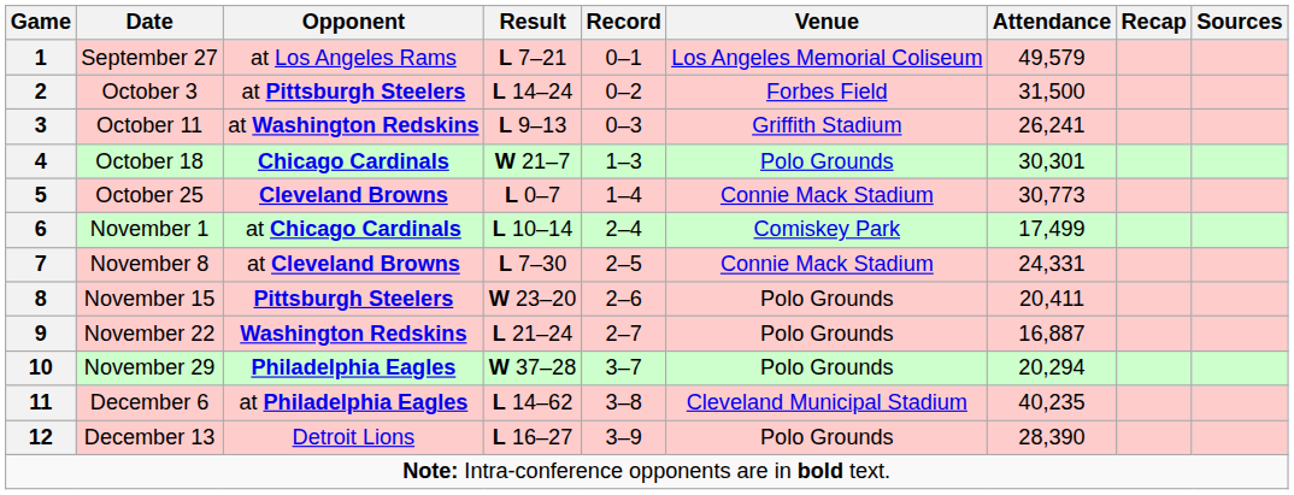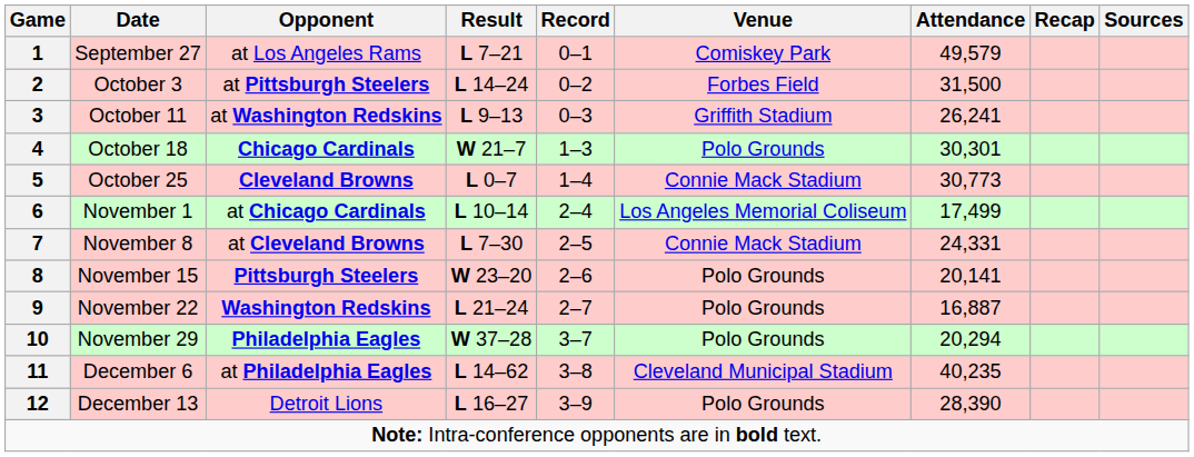 <table class="wikitable" style="text-align:center">
 <tr>
 <th>Game</th>
 <th>Date</th>
 <th>Opponent</th>
 <th>Result</th>
 <th>Record</th>
 <th>Venue</th>
 <th>Attendance</th>
 <th>Recap</th>
 <th>Sources</th>
 </tr>
 <tr style="background:#fcc">
 <th>1</th>
 <td>September 27</td>
 <td>at <a href='#'>Los Angeles Rams</a></td>
 <td><strong>L</strong> 7–21</td>
 <td>0–1</td>
-<td><a href='#'>Los Angeles Memorial Coliseum</a></td>
+<td><a href='#'>Comiskey Park</a></td>
 <td>49,579</td>
 <td></td>
 <td></td>
 </tr>
 <tr style="background:#fcc">
 <th>2</th>
 <td>October 3</td>
 <td>at <strong><a href='#'>Pittsburgh Steelers</a></strong></td>
 <td><strong>L</strong> 14–24</td>
 <td>0–2</td>
 <td><a href='#'>Forbes Field</a></td>
 <td>31,500</td>
 <td></td>
 <td></td>
 </tr>
 <tr style="background:#fcc">
 <th>3</th>
 <td>October 11</td>
 <td>at <strong><a href='#'>Washington Redskins</a></strong></td>
 <td><strong>L</strong> 9–13</td>
 <td>0–3</td>
 <td><a href='#'>Griffith Stadium</a></td>
 <td>26,241</td>
 <td></td>
 <td></td>
 </tr>
 <tr style="background:#cfc">
 <th>4</th>
 <td>October 18</td>
 <td><strong><a href='#'>Chicago Cardinals</a></strong></td>
 <td><strong>W</strong> 21–7</td>
 <td>1–3</td>
 <td><a href='#'>Polo Grounds</a></td>
 <td>30,301</td>
 <td></td>
 <td></td>
 </tr>
 <tr style="background:#fcc">
 <th>5</th>
 <td>October 25</td>
 <td><strong><a href='#'>Cleveland Browns</a></strong></td>
 <td><strong>L</strong> 0–7</td>
 <td>1–4</td>
 <td><a href='#'>Connie Mack Stadium</a></td>
 <td>30,773</td>
 <td></td>
 <td></td>
 </tr>
 <tr style="background:#cfc">
 <th>6</th>
 <td>November 1</td>
 <td>at <strong><a href='#'>Chicago Cardinals</a></strong></td>
 <td><strong>L</strong> 10–14</td>
 <td>2–4</td>
-<td><a href='#'>Comiskey Park</a></td>
+<td><a href='#'>Los Angeles Memorial Coliseum</a></td>
 <td>17,499</td>
 <td></td>
 <td></td>
 </tr>
 <tr style="background:#fcc">
 <th>7</th>
 <td>November 8</td>
 <td>at <strong><a href='#'>Cleveland Browns</a></strong></td>
 <td><strong>L</strong> 7–30</td>
 <td>2–5</td>
 <td><a href='#'>Connie Mack Stadium</a></td>
 <td>24,331</td>
 <td></td>
 <td></td>
 </tr>
 <tr style="background:#fcc">
 <th>8</th>
 <td>November 15</td>
 <td><strong><a href='#'>Pittsburgh Steelers</a></strong></td>
 <td><strong>W</strong> 23–20</td>
 <td>2–6</td>
 <td>Polo Grounds</td>
-<td>20,411</td>
+<td>20,141</td>
 <td></td>
 <td></td>
 </tr>
 <tr style="background:#fcc">
 <th>9</th>
 <td>November 22</td>
 <td><strong><a href='#'>Washington Redskins</a></strong></td>
 <td><strong>L</strong> 21–24</td>
 <td>2–7</td>
 <td>Polo Grounds</td>
 <td>16,887</td>
 <td></td>
 <td></td>
 </tr>
 <tr style="background:#cfc">
 <th>10</th>
 <td>November 29</td>
 <td><strong><a href='#'>Philadelphia Eagles</a></strong></td>
 <td><strong>W</strong> 37–28</td>
 <td>3–7</td>
 <td>Polo Grounds</td>
 <td>20,294</td>
 <td></td>
 <td></td>
 </tr>
 <tr style="background:#fcc">
 <th>11</th>
 <td>December 6</td>
 <td>at <strong><a href='#'>Philadelphia Eagles</a></strong></td>
 <td><strong>L</strong> 14–62</td>
 <td>3–8</td>
 <td><a href='#'>Cleveland Municipal Stadium</a></td>
 <td>40,235</td>
 <td></td>
 <td></td>
 </tr>
 <tr style="background:#fcc">
 <th>12</th>
 <td>December 13</td>
 <td><a href='#'>Detroit Lions</a></td>
 <td><strong>L</strong> 16–27</td>
 <td>3–9</td>
 <td>Polo Grounds</td>
 <td>28,390</td>
 <td></td>
 <td></td>
 </tr>
 <tr>
 <td colspan="10"><strong>Note:</strong> Intra-conference opponents are in <strong>bold</strong> text.</td>
 </tr>
 </table>
